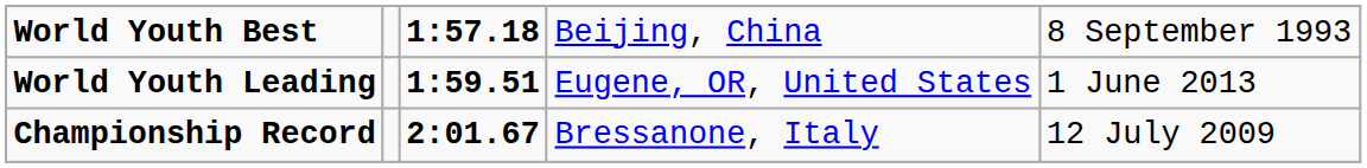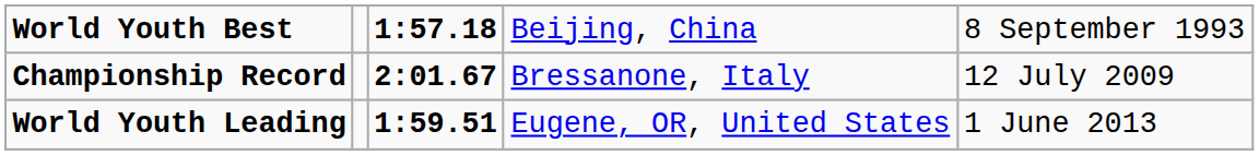 <table class="wikitable">
 <tr>
 <td><strong>World Youth Best</strong></td>
 <td></td>
 <td><strong>1:57.18</strong></td>
 <td><a href='#'>Beijing</a>, <a href='#'>China</a></td>
 <td>8 September 1993</td>
 </tr>
 <tr>
+<td><strong>Championship Record</strong></td>
+<td></td>
+<td><strong>2:01.67</strong></td>
+<td><a href='#'>Bressanone</a>, <a href='#'>Italy</a></td>
+<td>12 July 2009</td>
+</tr>
+<tr>
 <td><strong>World Youth Leading</strong></td>
 <td></td>
 <td><strong>1:59.51</strong></td>
 <td><a href='#'>Eugene, OR</a>, <a href='#'>United States</a></td>
 <td>1 June 2013</td>
 </tr>
-<tr>
-<td><strong>Championship Record</strong></td>
-<td></td>
-<td><strong>2:01.67</strong></td>
-<td><a href='#'>Bressanone</a>, <a href='#'>Italy</a></td>
-<td>12 July 2009</td>
-</tr>
 </table>
